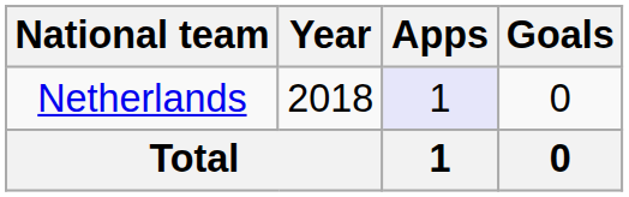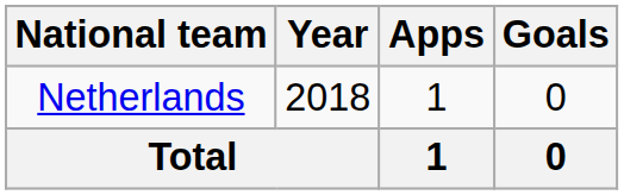 <table class="wikitable" style="text-align:center">
 <tr>
 <th>National team</th>
 <th>Year</th>
 <th>Apps</th>
 <th>Goals</th>
 </tr>
 <tr>
 <td><a href='#'>Netherlands</a></td>
 <td>2018</td>
-<td style="background: lavender;">1</td>
+<td>1</td>
 <td>0</td>
 </tr>
 <tr>
 <th colspan=2>Total</th>
 <th>1</th>
 <th>0</th>
 </tr>
 </table>
